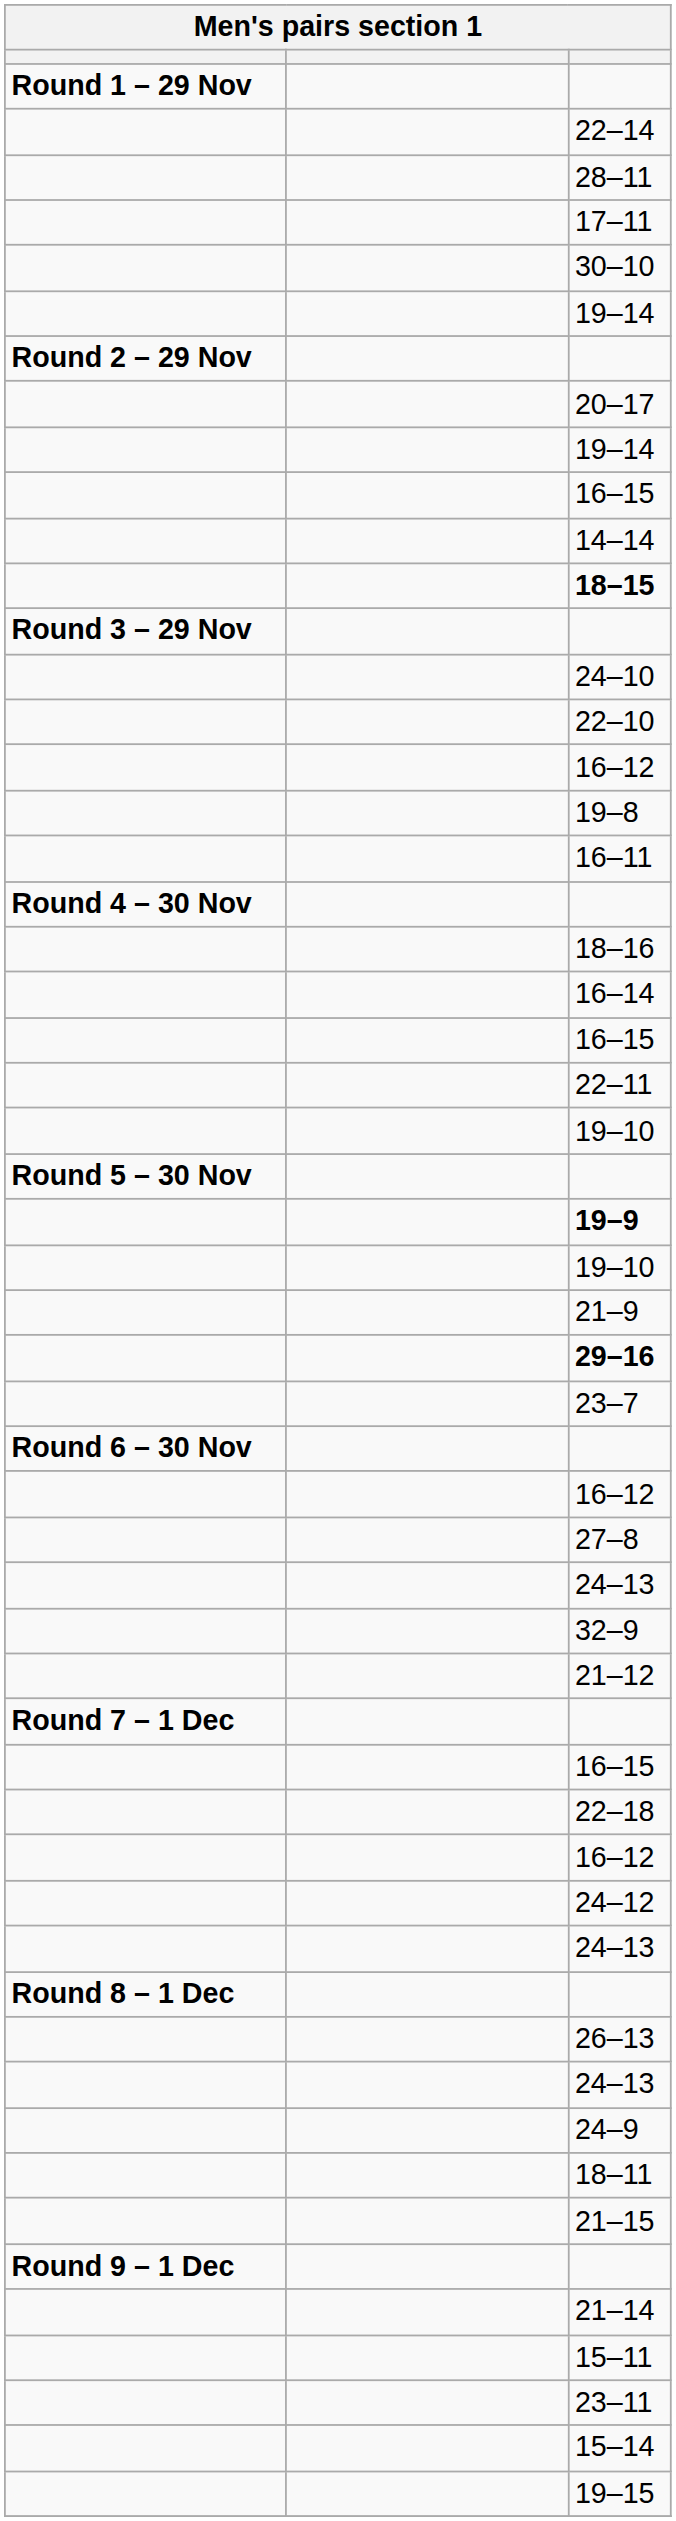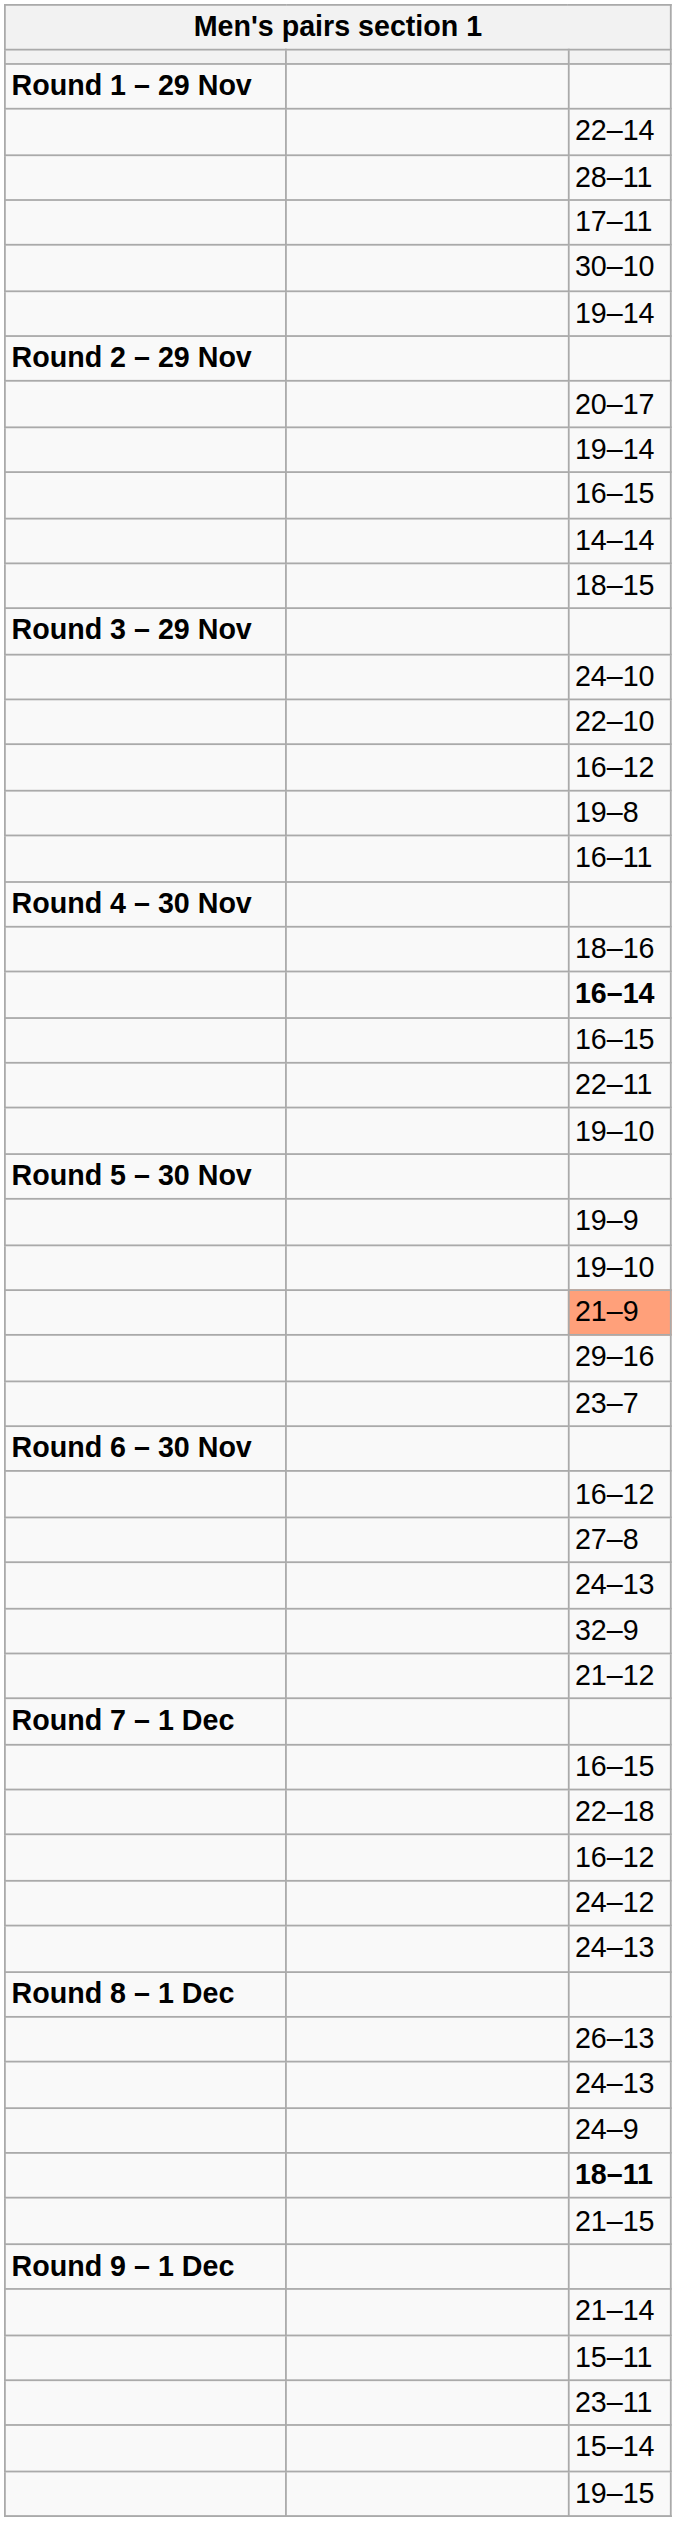 <table class="wikitable">
 <tr>
 <th colspan="3">Men's pairs section 1</th>
 </tr>
 <tr>
 <th width=150></th>
 <th width=150></th>
 <th width=50></th>
 </tr>
 <tr>
 <td><strong>Round 1 – 29 Nov</strong></td>
 <td></td>
 <td></td>
 </tr>
 <tr>
 <td></td>
 <td></td>
 <td>22–14</td>
 </tr>
 <tr>
 <td></td>
 <td></td>
 <td>28–11</td>
 </tr>
 <tr>
 <td></td>
 <td></td>
 <td>17–11</td>
 </tr>
 <tr>
 <td></td>
 <td></td>
 <td>30–10</td>
 </tr>
 <tr>
 <td></td>
 <td></td>
 <td>19–14</td>
 </tr>
 <tr>
 <td><strong>Round 2 – 29 Nov</strong></td>
 <td></td>
 <td></td>
 </tr>
 <tr>
 <td></td>
 <td></td>
 <td>20–17</td>
 </tr>
 <tr>
 <td></td>
 <td></td>
 <td>19–14</td>
 </tr>
 <tr>
 <td></td>
 <td></td>
 <td>16–15</td>
 </tr>
 <tr>
 <td></td>
 <td></td>
 <td>14–14</td>
 </tr>
 <tr>
 <td></td>
 <td></td>
-<td><strong>18–15</strong></td>
+<td>18–15</td>
 </tr>
 <tr>
 <td><strong>Round 3 – 29 Nov</strong></td>
 <td></td>
 <td></td>
 </tr>
 <tr>
 <td></td>
 <td></td>
 <td>24–10</td>
 </tr>
 <tr>
 <td></td>
 <td></td>
 <td>22–10</td>
 </tr>
 <tr>
 <td></td>
 <td></td>
 <td>16–12</td>
 </tr>
 <tr>
 <td></td>
 <td></td>
 <td>19–8</td>
 </tr>
 <tr>
 <td></td>
 <td></td>
 <td>16–11</td>
 </tr>
 <tr>
 <td><strong>Round 4 – 30 Nov</strong></td>
 <td></td>
 <td></td>
 </tr>
 <tr>
 <td></td>
 <td></td>
 <td>18–16</td>
 </tr>
 <tr>
 <td></td>
 <td></td>
-<td>16–14</td>
+<td><strong>16–14</strong></td>
 </tr>
 <tr>
 <td></td>
 <td></td>
 <td>16–15</td>
 </tr>
 <tr>
 <td></td>
 <td></td>
 <td>22–11</td>
 </tr>
 <tr>
 <td></td>
 <td></td>
 <td>19–10</td>
 </tr>
 <tr>
 <td><strong>Round 5 – 30 Nov</strong></td>
 <td></td>
 <td></td>
 </tr>
 <tr>
 <td></td>
 <td></td>
-<td><strong>19–9</strong></td>
+<td>19–9</td>
 </tr>
 <tr>
 <td></td>
 <td></td>
 <td>19–10</td>
 </tr>
 <tr>
 <td></td>
 <td></td>
-<td>21–9</td>
+<td style="background: lightsalmon;">21–9</td>
 </tr>
 <tr>
 <td></td>
 <td></td>
-<td><strong>29–16</strong></td>
+<td>29–16</td>
 </tr>
 <tr>
 <td></td>
 <td></td>
 <td>23–7</td>
 </tr>
 <tr>
 <td><strong>Round 6  – 30 Nov </strong></td>
 <td></td>
 <td></td>
 </tr>
 <tr>
 <td></td>
 <td></td>
 <td>16–12</td>
 </tr>
 <tr>
 <td></td>
 <td></td>
 <td>27–8</td>
 </tr>
 <tr>
 <td></td>
 <td></td>
 <td>24–13</td>
 </tr>
 <tr>
 <td></td>
 <td></td>
 <td>32–9</td>
 </tr>
 <tr>
 <td></td>
 <td></td>
 <td>21–12</td>
 </tr>
 <tr>
 <td><strong>Round 7 – 1 Dec </strong></td>
 <td></td>
 <td></td>
 </tr>
 <tr>
 <td></td>
 <td></td>
 <td>16–15</td>
 </tr>
 <tr>
 <td></td>
 <td></td>
 <td>22–18</td>
 </tr>
 <tr>
 <td></td>
 <td></td>
 <td>16–12</td>
 </tr>
 <tr>
 <td></td>
 <td></td>
 <td>24–12</td>
 </tr>
 <tr>
 <td></td>
 <td></td>
 <td>24–13</td>
 </tr>
 <tr>
 <td><strong>Round 8 – 1 Dec </strong></td>
 <td></td>
 <td></td>
 </tr>
 <tr>
 <td></td>
 <td></td>
 <td>26–13</td>
 </tr>
 <tr>
 <td></td>
 <td></td>
 <td>24–13</td>
 </tr>
 <tr>
 <td></td>
 <td></td>
 <td>24–9</td>
 </tr>
 <tr>
 <td></td>
 <td></td>
-<td>18–11</td>
+<td><strong>18–11</strong></td>
 </tr>
 <tr>
 <td></td>
 <td></td>
 <td>21–15</td>
 </tr>
 <tr>
 <td><strong>Round 9 – 1 Dec </strong></td>
 <td></td>
 <td></td>
 </tr>
 <tr>
 <td></td>
 <td></td>
 <td>21–14</td>
 </tr>
 <tr>
 <td></td>
 <td></td>
 <td>15–11</td>
 </tr>
 <tr>
 <td></td>
 <td></td>
 <td>23–11</td>
 </tr>
 <tr>
 <td></td>
 <td></td>
 <td>15–14</td>
 </tr>
 <tr>
 <td></td>
 <td></td>
 <td>19–15</td>
 </tr>
 <tr>
 </tr>
 </table>
